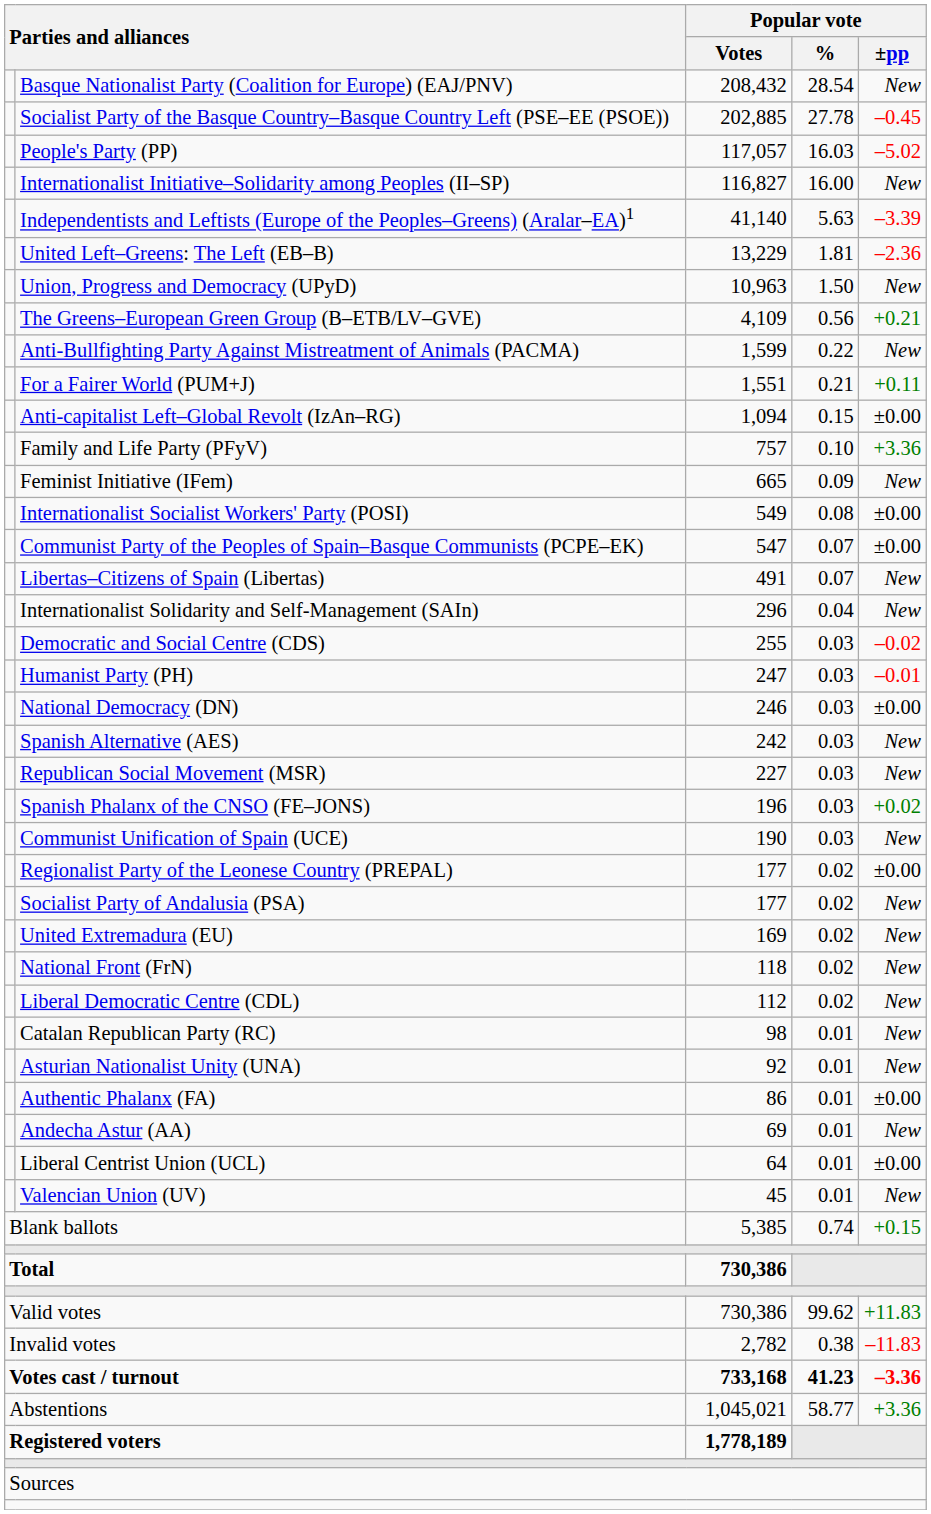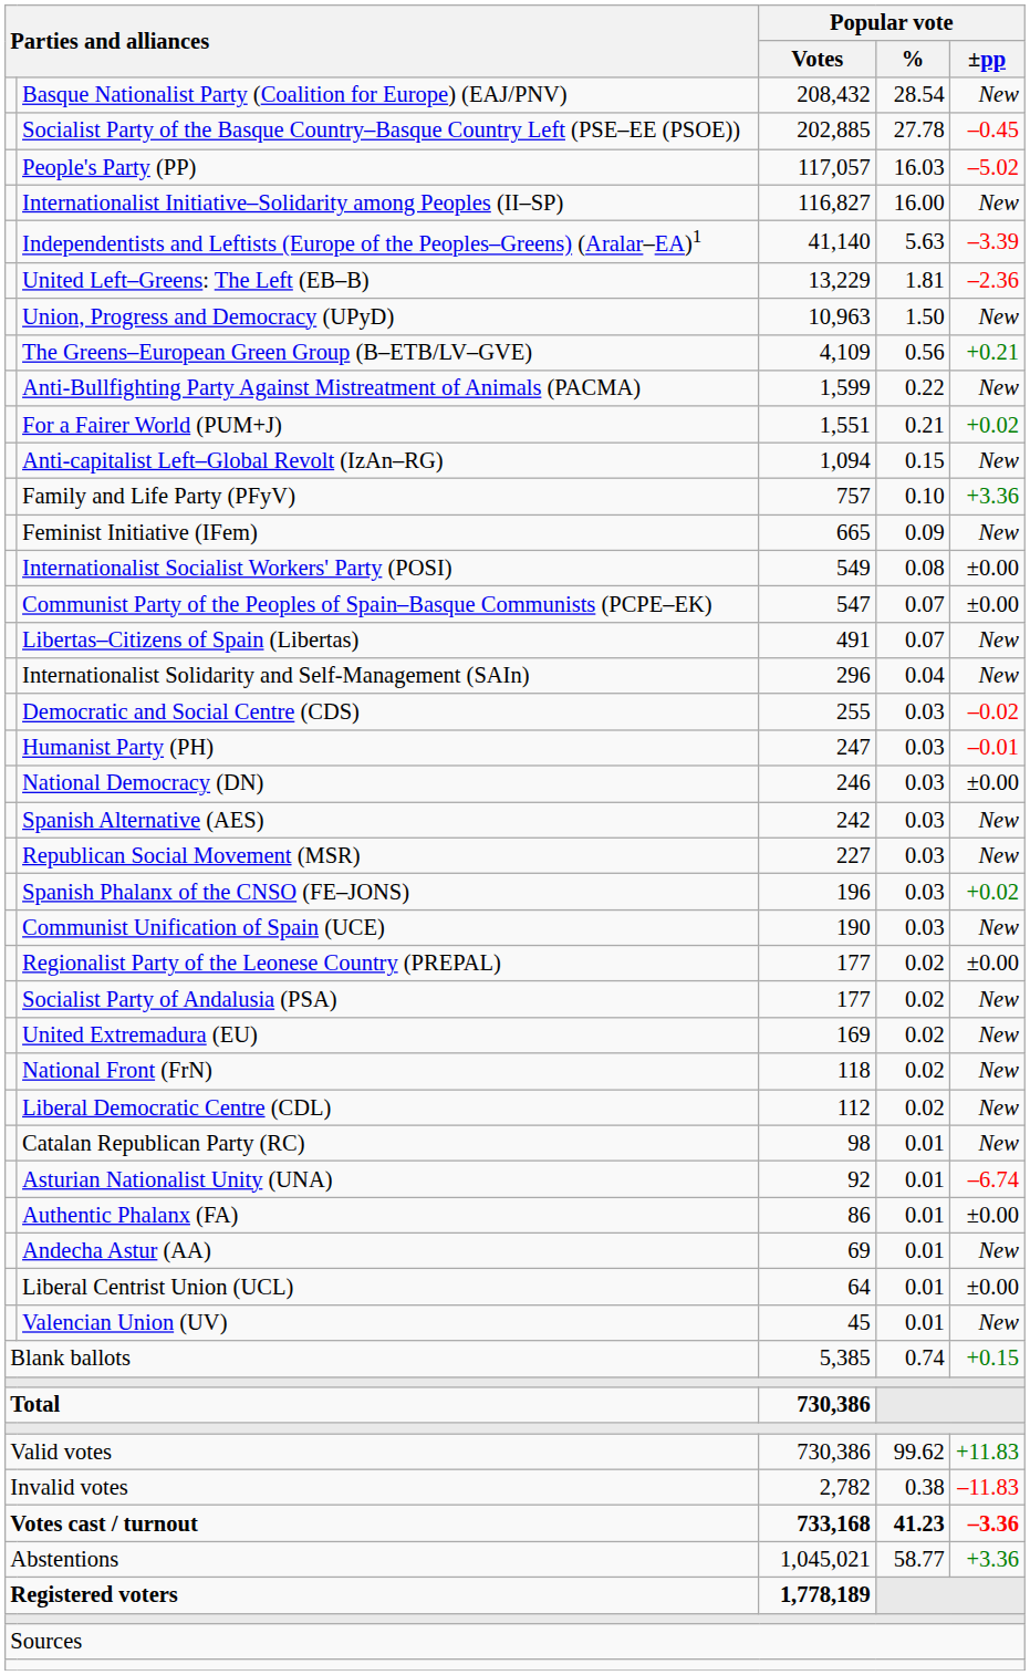 <table class="wikitable" style="text-align:right">
 <tr>
 <th style="text-align:left;" rowspan="2" colspan="2" width="525">Parties and alliances</th>
 <th colspan="3">Popular vote</th>
 </tr>
 <tr>
 <th width="75">Votes</th>
 <th width="45">%</th>
 <th width="45">±<a href='#'>pp</a></th>
 </tr>
 <tr>
 <td width="1" style="color:inherit;background:"></td>
 <td align="left"><a href='#'>Basque Nationalist Party</a> (<a href='#'>Coalition for Europe</a>) (EAJ/PNV)</td>
 <td>208,432</td>
 <td>28.54</td>
 <td><em>New</em></td>
 </tr>
 <tr>
 <td style="color:inherit;background:"></td>
 <td align="left"><a href='#'>Socialist Party of the Basque Country–Basque Country Left</a> (PSE–EE (PSOE))</td>
 <td>202,885</td>
 <td>27.78</td>
 <td style="color:red;">–0.45</td>
 </tr>
 <tr>
 <td style="color:inherit;background:"></td>
 <td align="left"><a href='#'>People's Party</a> (PP)</td>
 <td>117,057</td>
 <td>16.03</td>
 <td style="color:red;">–5.02</td>
 </tr>
 <tr>
 <td style="color:inherit;background:"></td>
 <td align="left"><a href='#'>Internationalist Initiative–Solidarity among Peoples</a> (II–SP)</td>
 <td>116,827</td>
 <td>16.00</td>
 <td><em>New</em></td>
 </tr>
 <tr>
 <td style="color:inherit;background:"></td>
 <td align="left"><a href='#'>Independentists and Leftists (Europe of the Peoples–Greens)</a> (<a href='#'>Aralar</a>–<a href='#'>EA</a>)<sup>1</sup></td>
 <td>41,140</td>
 <td>5.63</td>
 <td style="color:red;">–3.39</td>
 </tr>
 <tr>
 <td style="color:inherit;background:"></td>
 <td align="left"><a href='#'>United Left–Greens</a>: <a href='#'>The Left</a> (EB–B)</td>
 <td>13,229</td>
 <td>1.81</td>
 <td style="color:red;">–2.36</td>
 </tr>
 <tr>
 <td style="color:inherit;background:"></td>
 <td align="left"><a href='#'>Union, Progress and Democracy</a> (UPyD)</td>
 <td>10,963</td>
 <td>1.50</td>
 <td><em>New</em></td>
 </tr>
 <tr>
 <td style="color:inherit;background:"></td>
 <td align="left"><a href='#'>The Greens–European Green Group</a> (B–ETB/LV–GVE)</td>
 <td>4,109</td>
 <td>0.56</td>
 <td style="color:green;">+0.21</td>
 </tr>
 <tr>
 <td style="color:inherit;background:"></td>
 <td align="left"><a href='#'>Anti-Bullfighting Party Against Mistreatment of Animals</a> (PACMA)</td>
 <td>1,599</td>
 <td>0.22</td>
 <td><em>New</em></td>
 </tr>
 <tr>
 <td style="color:inherit;background:"></td>
 <td align="left"><a href='#'>For a Fairer World</a> (PUM+J)</td>
 <td>1,551</td>
 <td>0.21</td>
-<td style="color:green;">+0.11</td>
+<td style="color:green;">+0.02</td>
 </tr>
 <tr>
 <td style="color:inherit;background:"></td>
 <td align="left"><a href='#'>Anti-capitalist Left–Global Revolt</a> (IzAn–RG)</td>
 <td>1,094</td>
 <td>0.15</td>
-<td>±0.00</td>
+<td><em>New</em></td>
 </tr>
 <tr>
 <td style="color:inherit;background:"></td>
 <td align="left">Family and Life Party (PFyV)</td>
 <td>757</td>
 <td>0.10</td>
 <td style="color:green;">+3.36</td>
 </tr>
 <tr>
 <td style="color:inherit;background:"></td>
 <td align="left">Feminist Initiative (IFem)</td>
 <td>665</td>
 <td>0.09</td>
 <td><em>New</em></td>
 </tr>
 <tr>
 <td style="color:inherit;background:"></td>
 <td align="left"><a href='#'>Internationalist Socialist Workers' Party</a> (POSI)</td>
 <td>549</td>
 <td>0.08</td>
 <td>±0.00</td>
 </tr>
 <tr>
 <td style="color:inherit;background:"></td>
 <td align="left"><a href='#'>Communist Party of the Peoples of Spain–Basque Communists</a> (PCPE–EK)</td>
 <td>547</td>
 <td>0.07</td>
 <td>±0.00</td>
 </tr>
 <tr>
 <td style="color:inherit;background:"></td>
 <td align="left"><a href='#'>Libertas–Citizens of Spain</a> (Libertas)</td>
 <td>491</td>
 <td>0.07</td>
 <td><em>New</em></td>
 </tr>
 <tr>
 <td style="color:inherit;background:"></td>
 <td align="left">Internationalist Solidarity and Self-Management (SAIn)</td>
 <td>296</td>
 <td>0.04</td>
 <td><em>New</em></td>
 </tr>
 <tr>
 <td style="color:inherit;background:"></td>
 <td align="left"><a href='#'>Democratic and Social Centre</a> (CDS)</td>
 <td>255</td>
 <td>0.03</td>
 <td style="color:red;">–0.02</td>
 </tr>
 <tr>
 <td style="color:inherit;background:"></td>
 <td align="left"><a href='#'>Humanist Party</a> (PH)</td>
 <td>247</td>
 <td>0.03</td>
 <td style="color:red;">–0.01</td>
 </tr>
 <tr>
 <td style="color:inherit;background:"></td>
 <td align="left"><a href='#'>National Democracy</a> (DN)</td>
 <td>246</td>
 <td>0.03</td>
 <td>±0.00</td>
 </tr>
 <tr>
 <td style="color:inherit;background:"></td>
 <td align="left"><a href='#'>Spanish Alternative</a> (AES)</td>
 <td>242</td>
 <td>0.03</td>
 <td><em>New</em></td>
 </tr>
 <tr>
 <td style="color:inherit;background:"></td>
 <td align="left"><a href='#'>Republican Social Movement</a> (MSR)</td>
 <td>227</td>
 <td>0.03</td>
 <td><em>New</em></td>
 </tr>
 <tr>
 <td style="color:inherit;background:"></td>
 <td align="left"><a href='#'>Spanish Phalanx of the CNSO</a> (FE–JONS)</td>
 <td>196</td>
 <td>0.03</td>
 <td style="color:green;">+0.02</td>
 </tr>
 <tr>
 <td style="color:inherit;background:"></td>
 <td align="left"><a href='#'>Communist Unification of Spain</a> (UCE)</td>
 <td>190</td>
 <td>0.03</td>
 <td><em>New</em></td>
 </tr>
 <tr>
 <td style="color:inherit;background:"></td>
 <td align="left"><a href='#'>Regionalist Party of the Leonese Country</a> (PREPAL)</td>
 <td>177</td>
 <td>0.02</td>
 <td>±0.00</td>
 </tr>
 <tr>
 <td style="color:inherit;background:"></td>
 <td align="left"><a href='#'>Socialist Party of Andalusia</a> (PSA)</td>
 <td>177</td>
 <td>0.02</td>
 <td><em>New</em></td>
 </tr>
 <tr>
 <td style="color:inherit;background:"></td>
 <td align="left"><a href='#'>United Extremadura</a> (EU)</td>
 <td>169</td>
 <td>0.02</td>
 <td><em>New</em></td>
 </tr>
 <tr>
 <td style="color:inherit;background:"></td>
 <td align="left"><a href='#'>National Front</a> (FrN)</td>
 <td>118</td>
 <td>0.02</td>
 <td><em>New</em></td>
 </tr>
 <tr>
 <td style="color:inherit;background:"></td>
 <td align="left"><a href='#'>Liberal Democratic Centre</a> (CDL)</td>
 <td>112</td>
 <td>0.02</td>
 <td><em>New</em></td>
 </tr>
 <tr>
 <td style="color:inherit;background:"></td>
 <td align="left">Catalan Republican Party (RC)</td>
 <td>98</td>
 <td>0.01</td>
 <td><em>New</em></td>
 </tr>
 <tr>
 <td style="color:inherit;background:"></td>
 <td align="left"><a href='#'>Asturian Nationalist Unity</a> (UNA)</td>
 <td>92</td>
 <td>0.01</td>
-<td><em>New</em></td>
+<td style="color:red;">–6.74</td>
 </tr>
 <tr>
 <td style="color:inherit;background:"></td>
 <td align="left"><a href='#'>Authentic Phalanx</a> (FA)</td>
 <td>86</td>
 <td>0.01</td>
 <td>±0.00</td>
 </tr>
 <tr>
 <td style="color:inherit;background:"></td>
 <td align="left"><a href='#'>Andecha Astur</a> (AA)</td>
 <td>69</td>
 <td>0.01</td>
 <td><em>New</em></td>
 </tr>
 <tr>
 <td style="color:inherit;background:"></td>
 <td align="left">Liberal Centrist Union (UCL)</td>
 <td>64</td>
 <td>0.01</td>
 <td>±0.00</td>
 </tr>
 <tr>
 <td style="color:inherit;background:"></td>
 <td align="left"><a href='#'>Valencian Union</a> (UV)</td>
 <td>45</td>
 <td>0.01</td>
 <td><em>New</em></td>
 </tr>
 <tr>
 <td align="left" colspan="2">Blank ballots</td>
 <td>5,385</td>
 <td>0.74</td>
 <td style="color:green;">+0.15</td>
 </tr>
 <tr>
 <td colspan="5" bgcolor="#E9E9E9"></td>
 </tr>
 <tr style="font-weight:bold;">
 <td align="left" colspan="2">Total</td>
 <td>730,386</td>
 <td bgcolor="#E9E9E9" colspan="2"></td>
 </tr>
 <tr>
 <td colspan="5" bgcolor="#E9E9E9"></td>
 </tr>
 <tr>
 <td align="left" colspan="2">Valid votes</td>
 <td>730,386</td>
 <td>99.62</td>
 <td style="color:green;">+11.83</td>
 </tr>
 <tr>
 <td align="left" colspan="2">Invalid votes</td>
 <td>2,782</td>
 <td>0.38</td>
 <td style="color:red;">–11.83</td>
 </tr>
 <tr style="font-weight:bold;">
 <td align="left" colspan="2">Votes cast / turnout</td>
 <td>733,168</td>
 <td>41.23</td>
 <td style="color:red;">–3.36</td>
 </tr>
 <tr>
 <td align="left" colspan="2">Abstentions</td>
 <td>1,045,021</td>
 <td>58.77</td>
 <td style="color:green;">+3.36</td>
 </tr>
 <tr style="font-weight:bold;">
 <td align="left" colspan="2">Registered voters</td>
 <td>1,778,189</td>
 <td bgcolor="#E9E9E9" colspan="2"></td>
 </tr>
 <tr>
 <td colspan="5" bgcolor="#E9E9E9"></td>
 </tr>
 <tr>
 <td align="left" colspan="5">Sources</td>
 </tr>
 <tr>
 <td colspan="5" style="text-align:left; max-width:680px;"></td>
 </tr>
 </table>
